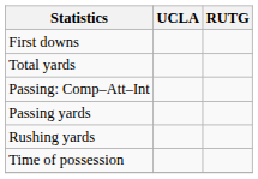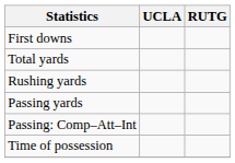 <table class="wikitable" style="float: left;">
 <tr>
 <th>Statistics</th>
 <th>UCLA</th>
 <th>RUTG</th>
 </tr>
 <tr>
 <td>First downs</td>
 <td></td>
 <td></td>
 </tr>
 <tr>
 <td>Total yards</td>
 <td></td>
 <td></td>
 </tr>
 <tr>
-<td>Passing: Comp–Att–Int</td>
+<td>Rushing yards</td>
 <td></td>
 <td></td>
 </tr>
 <tr>
 <td>Passing yards</td>
 <td></td>
 <td></td>
 </tr>
 <tr>
-<td>Rushing yards</td>
+<td>Passing: Comp–Att–Int</td>
 <td></td>
 <td></td>
 </tr>
 <tr>
 <td>Time of possession</td>
 <td></td>
 <td></td>
 </tr>
 <tr>
 </tr>
 </table>
